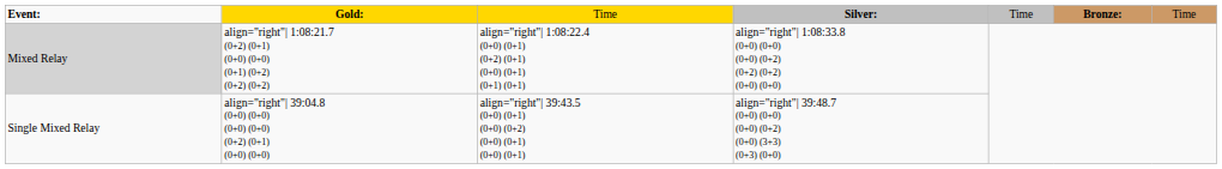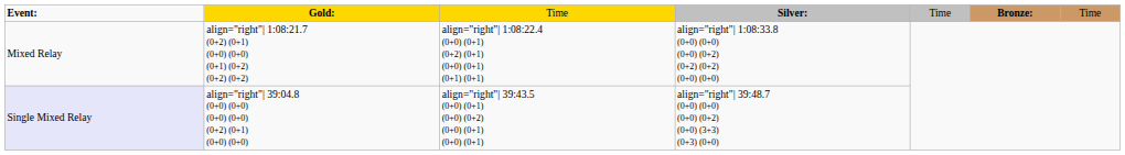 <table class="wikitable" border="1" style="width:85%;">
 <tr>
 <td><strong>Event:</strong></td>
 <td style="text-align:center;background-color:gold;"><strong>Gold:</strong></td>
 <td style="text-align:center;background-color:gold;">Time</td>
 <td style="text-align:center;background-color:silver;"><strong>Silver:</strong></td>
 <td style="text-align:center;background-color:silver;">Time</td>
 <td style="text-align:center;background-color:#CC9966;"><strong>Bronze:</strong></td>
 <td style="text-align:center;background-color:#CC9966;">Time</td>
 </tr>
 <tr>
-<td style="background: lightgrey;">Mixed Relay<br></td>
+<td>Mixed Relay<br></td>
 <td>align="right"|  1:08:21.7<small><br>(0+2) (0+1)<br>(0+0) (0+0)<br>(0+1) (0+2)<br>(0+2) (0+2)</small></td>
 <td>align="right"|  1:08:22.4<small><br>(0+0) (0+1)<br>(0+2) (0+1)<br>(0+0) (0+1)<br>(0+1) (0+1)</small></td>
 <td>align="right"|  1:08:33.8<small><br>(0+0) (0+0)<br>(0+0) (0+2)<br>(0+2) (0+2)<br>(0+0) (0+0)</small></td>
 </tr>
 <tr>
-<td>Single Mixed Relay<br></td>
+<td style="background: lavender;">Single Mixed Relay<br></td>
 <td>align="right"| 39:04.8<small><br>(0+0) (0+0)<br>(0+0) (0+0)<br>(0+2) (0+1)<br>(0+0) (0+0)</small></td>
 <td>align="right"| 39:43.5<small><br>(0+0) (0+1)<br>(0+0) (0+2)<br>(0+0) (0+1)<br>(0+0) (0+1)</small></td>
 <td>align="right"| 39:48.7<small><br>(0+0) (0+0)<br>(0+0) (0+2)<br>(0+0) (3+3)<br>(0+3) (0+0)</small></td>
 </tr>
 </table>
